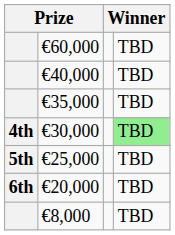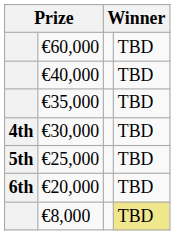 <table class="wikitable">
 <tr>
 <th colspan="2">Prize</th>
 <th colspan="2">Winner</th>
 </tr>
 <tr>
 <th></th>
 <td>€60,000</td>
 <td></td>
 <td>TBD</td>
 </tr>
 <tr>
 <th></th>
 <td>€40,000</td>
 <td></td>
 <td>TBD</td>
 </tr>
 <tr>
 <th></th>
 <td>€35,000</td>
 <td></td>
 <td>TBD</td>
 </tr>
 <tr>
 <th>4th</th>
 <td>€30,000</td>
 <td></td>
-<td style="background: lightgreen;">TBD</td>
+<td>TBD</td>
 </tr>
 <tr>
 <th>5th</th>
 <td>€25,000</td>
 <td></td>
 <td>TBD</td>
 </tr>
 <tr>
 <th>6th</th>
 <td>€20,000</td>
 <td></td>
 <td>TBD</td>
 </tr>
 <tr>
 <th></th>
 <td>€8,000</td>
 <td></td>
-<td>TBD</td>
+<td style="background: khaki;">TBD</td>
 </tr>
 </table>
